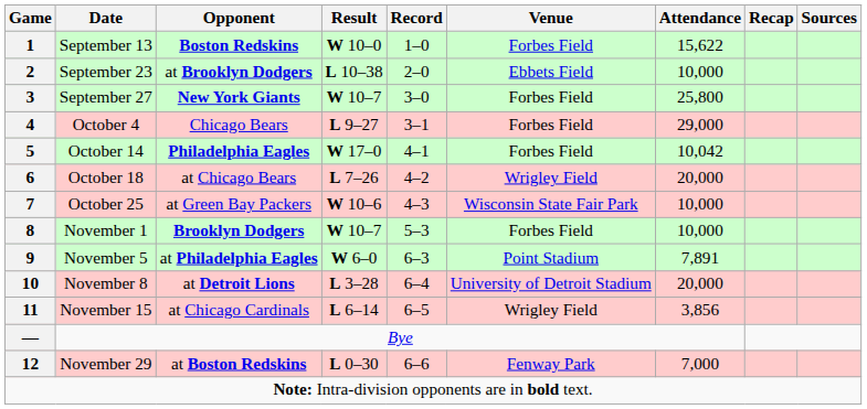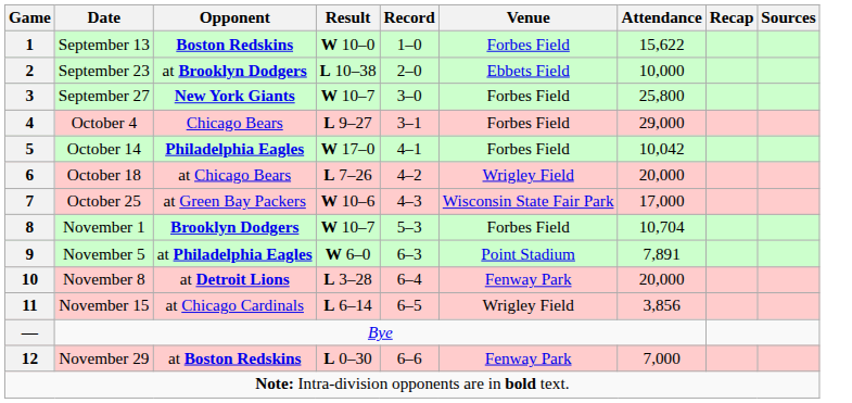 <table class="wikitable" style="text-align:center">
 <tr>
 <th>Game</th>
 <th>Date</th>
 <th>Opponent</th>
 <th>Result</th>
 <th>Record</th>
 <th>Venue</th>
 <th>Attendance</th>
 <th>Recap</th>
 <th>Sources</th>
 </tr>
 <tr style="background:#cfc">
 <th>1</th>
 <td>September 13</td>
 <td><strong><a href='#'>Boston Redskins</a></strong></td>
 <td><strong>W</strong> 10–0</td>
 <td>1–0</td>
 <td><a href='#'>Forbes Field</a></td>
 <td>15,622</td>
 <td></td>
 <td></td>
 </tr>
 <tr style="background:#cfc">
 <th>2</th>
 <td>September 23</td>
 <td>at <strong><a href='#'>Brooklyn Dodgers</a></strong></td>
 <td><strong>L</strong> 10–38</td>
 <td>2–0</td>
 <td><a href='#'>Ebbets Field</a></td>
 <td>10,000</td>
 <td></td>
 <td></td>
 </tr>
 <tr style="background:#cfc">
 <th>3</th>
 <td>September 27</td>
 <td><strong><a href='#'>New York Giants</a></strong></td>
 <td><strong>W</strong> 10–7</td>
 <td>3–0</td>
 <td>Forbes Field</td>
 <td>25,800</td>
 <td></td>
 <td></td>
 </tr>
 <tr style="background:#fcc">
 <th>4</th>
 <td>October 4</td>
 <td><a href='#'>Chicago Bears</a></td>
 <td><strong>L</strong> 9–27</td>
 <td>3–1</td>
 <td>Forbes Field</td>
 <td>29,000</td>
 <td></td>
 <td></td>
 </tr>
 <tr style="background:#cfc">
 <th>5</th>
 <td>October 14</td>
 <td><strong><a href='#'>Philadelphia Eagles</a></strong></td>
 <td><strong>W</strong> 17–0</td>
 <td>4–1</td>
 <td>Forbes Field</td>
 <td>10,042</td>
 <td></td>
 <td></td>
 </tr>
 <tr style="background:#fcc">
 <th>6</th>
 <td>October 18</td>
 <td>at <a href='#'>Chicago Bears</a></td>
 <td><strong>L</strong> 7–26</td>
 <td>4–2</td>
 <td><a href='#'>Wrigley Field</a></td>
 <td>20,000</td>
 <td></td>
 <td></td>
 </tr>
 <tr style="background:#fcc">
 <th>7</th>
 <td>October 25</td>
 <td>at <a href='#'>Green Bay Packers</a></td>
 <td><strong>W</strong> 10–6</td>
 <td>4–3</td>
 <td><a href='#'>Wisconsin State Fair Park</a></td>
-<td>10,000</td>
+<td>17,000</td>
 <td></td>
 <td></td>
 </tr>
 <tr style="background:#cfc">
 <th>8</th>
 <td>November 1</td>
 <td><strong><a href='#'>Brooklyn Dodgers</a></strong></td>
 <td><strong>W</strong> 10–7</td>
 <td>5–3</td>
 <td>Forbes Field</td>
-<td>10,000</td>
+<td>10,704</td>
 <td></td>
 <td></td>
 </tr>
 <tr style="background:#cfc">
 <th>9</th>
 <td>November 5</td>
 <td>at <strong><a href='#'>Philadelphia Eagles</a></strong></td>
 <td><strong>W</strong> 6–0</td>
 <td>6–3</td>
 <td><a href='#'>Point Stadium</a></td>
 <td>7,891</td>
 <td></td>
 <td></td>
 </tr>
 <tr style="background:#fcc">
 <th>10</th>
 <td>November 8</td>
 <td>at <strong><a href='#'>Detroit Lions</a></strong></td>
 <td><strong>L</strong> 3–28</td>
 <td>6–4</td>
-<td><a href='#'>University of Detroit Stadium</a></td>
+<td><a href='#'>Fenway Park</a></td>
 <td>20,000</td>
 <td></td>
 <td></td>
 </tr>
 <tr style="background:#fcc">
 <th>11</th>
 <td>November 15</td>
 <td>at <a href='#'>Chicago Cardinals</a></td>
 <td><strong>L</strong> 6–14</td>
 <td>6–5</td>
 <td>Wrigley Field</td>
 <td>3,856</td>
 <td></td>
 <td></td>
 </tr>
 <tr>
 <th>—</th>
 <td colspan="6"><em><a href='#'>Bye</a></em></td>
 </tr>
 <tr style="background:#fcc">
 <th>12</th>
 <td>November 29</td>
 <td>at <strong><a href='#'>Boston Redskins</a></strong></td>
 <td><strong>L</strong> 0–30</td>
 <td>6–6</td>
 <td><a href='#'>Fenway Park</a></td>
 <td>7,000</td>
 <td></td>
 <td></td>
 </tr>
 <tr>
 <td colspan="10"><strong>Note:</strong> Intra-division opponents are in <strong>bold</strong> text.</td>
 </tr>
 </table>
